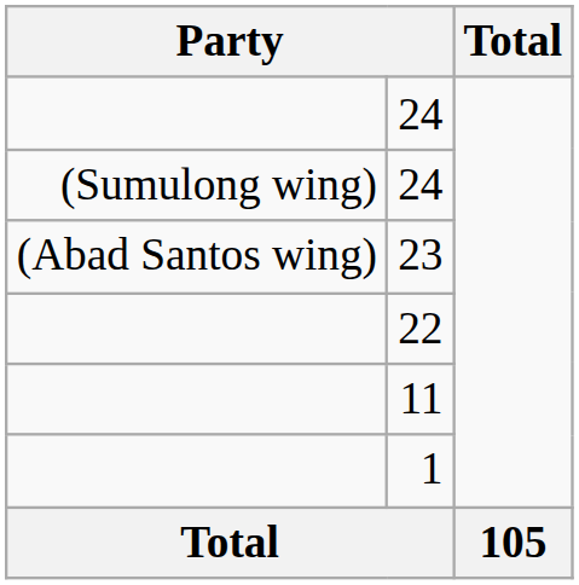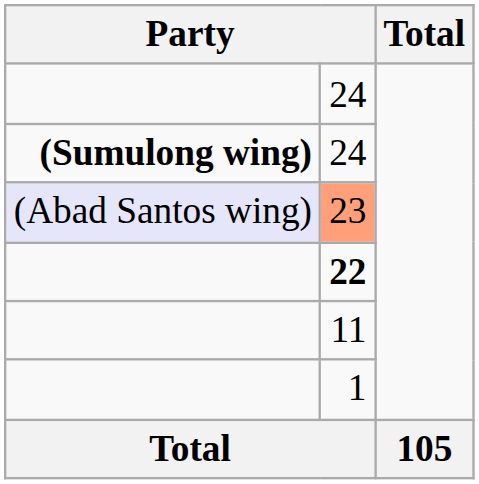 <table class="wikitable" style="text-align:right;">
 <tr>
 <th colspan="2">Party</th>
 <th>Total</th>
 </tr>
 <tr>
 <td></td>
 <td>24</td>
 </tr>
 <tr>
-<td> (Sumulong wing)</td>
+<td><strong> (Sumulong wing)</strong></td>
 <td>24</td>
 </tr>
 <tr>
-<td> (Abad Santos wing)</td>
-<td>23</td>
+<td style="background: lavender;"> (Abad Santos wing)</td>
+<td style="background: lightsalmon;">23</td>
 </tr>
 <tr>
 <td></td>
-<td>22</td>
+<td><strong>22</strong></td>
 </tr>
 <tr>
 <td></td>
 <td>11</td>
 </tr>
 <tr>
 <td></td>
 <td>1</td>
 </tr>
 <tr>
 <th colspan="2">Total</th>
 <th>105</th>
 </tr>
 </table>
